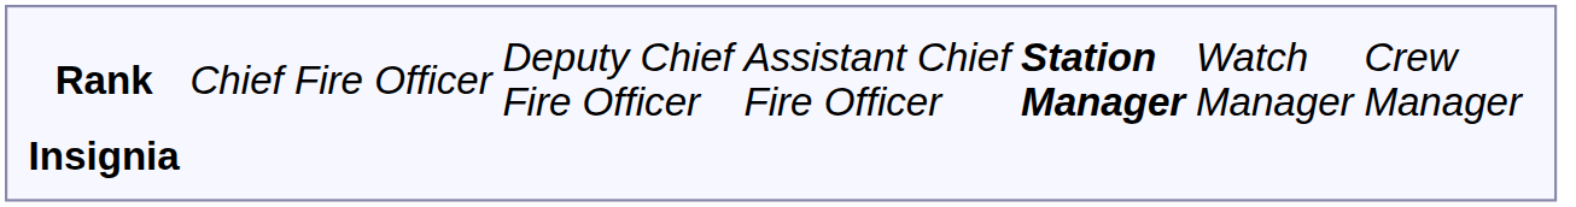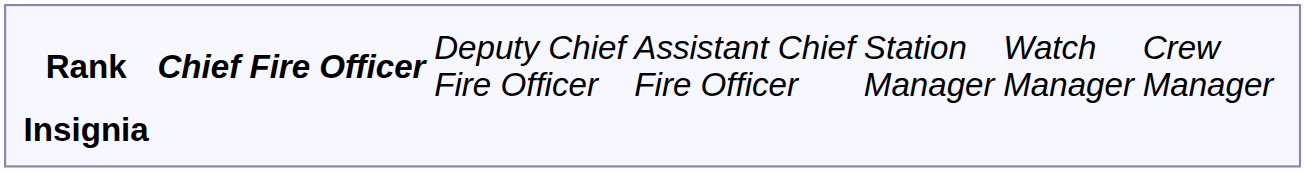 <table style="border:1px solid #8888aa; background-color:#f7f8ff; padding:5px; font-size:95%; margin: 0px 12px 12px 0px;">
 <tr align="center">
 </tr>
 <tr>
 <th>Rank</th>
-<td><em>Chief Fire Officer</em></td>
+<td><strong><em>Chief Fire Officer</em></strong></td>
 <td><em>Deputy Chief<br> Fire Officer</em></td>
 <td><em>Assistant Chief<br>Fire Officer</em></td>
-<td><strong><em>Station<br> Manager</em></strong></td>
+<td><em>Station<br> Manager</em></td>
 <td><em>Watch<br> Manager</em></td>
 <td><em>Crew<br> Manager</em></td>
 </tr>
 <tr>
 <th scope="row">Insignia</th>
 <td></td>
 <td></td>
 <td></td>
 <td></td>
 <td></td>
 <td></td>
 <td></td>
 </tr>
 </table>
